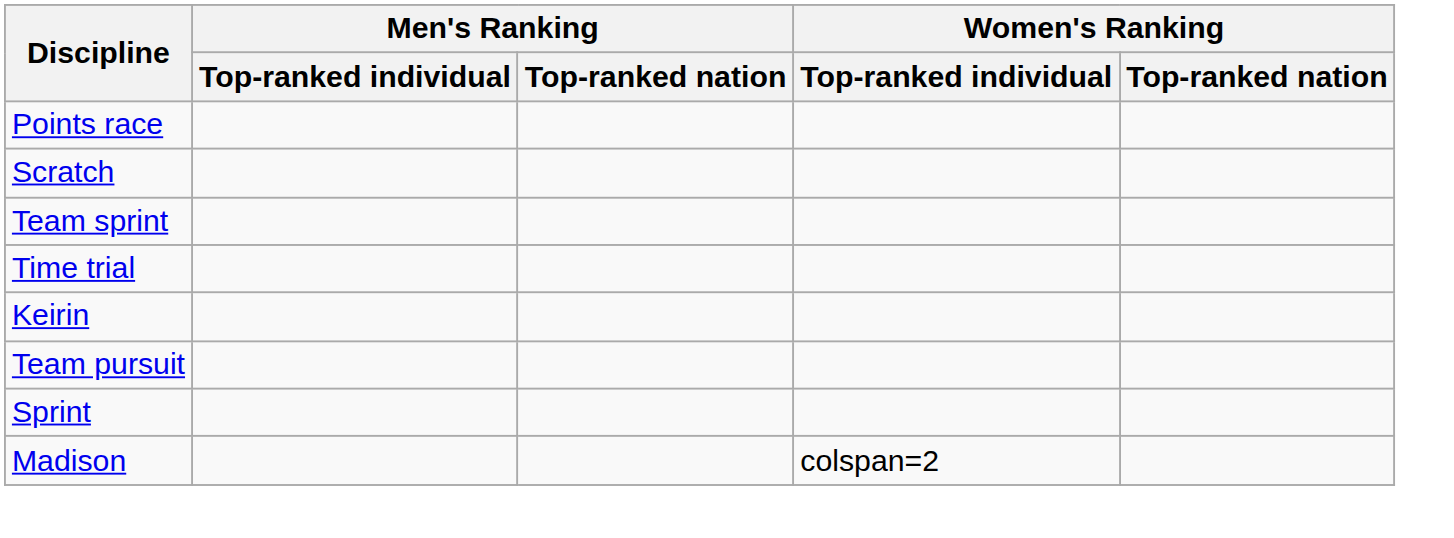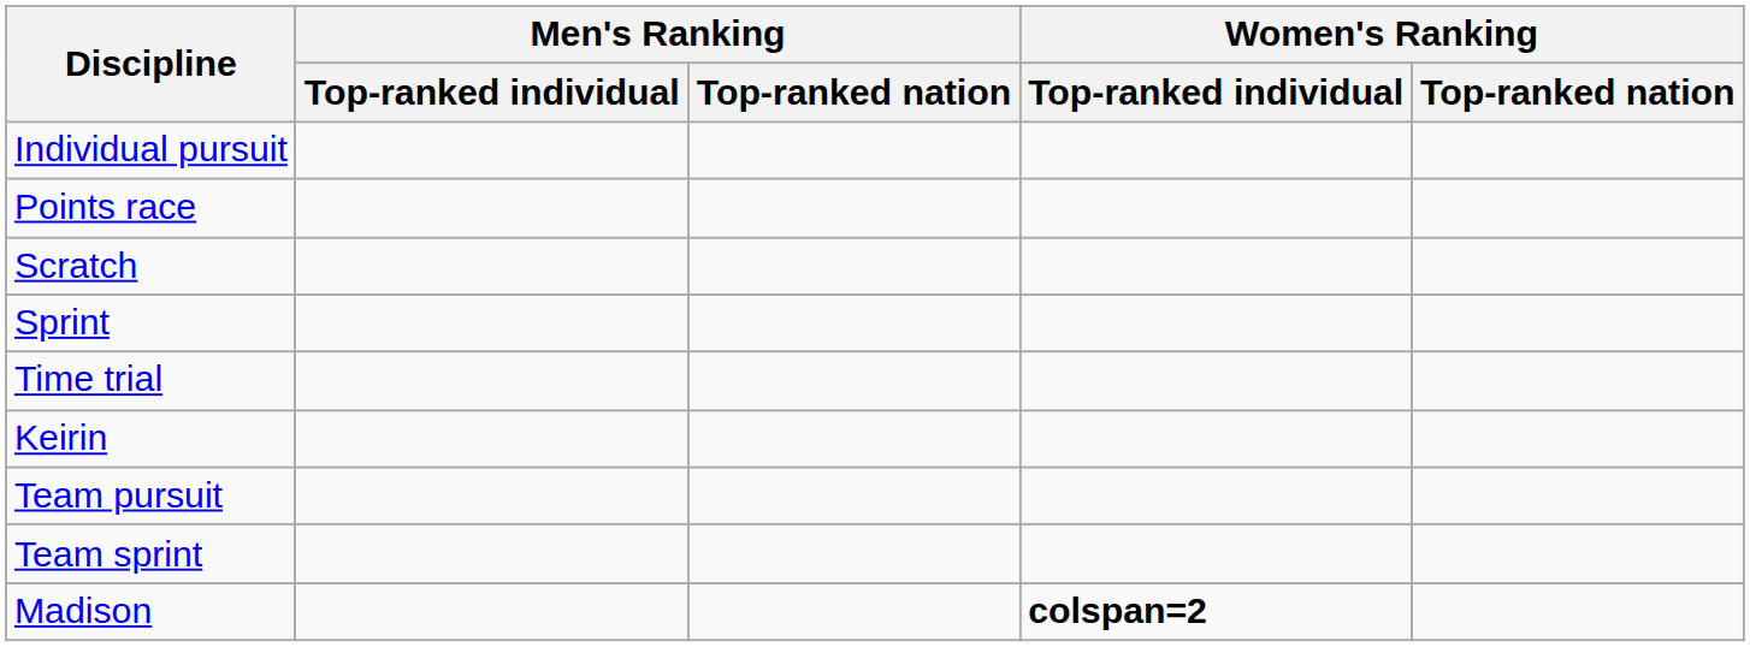 <table class="wikitable">
 <tr>
 <th rowspan=2>Discipline</th>
 <th colspan=2>Men's Ranking</th>
 <th colspan=2>Women's Ranking</th>
 </tr>
 <tr>
 <th>Top-ranked individual</th>
 <th>Top-ranked nation</th>
 <th>Top-ranked individual</th>
 <th>Top-ranked nation</th>
+</tr>
+<tr>
+<td><a href='#'>Individual pursuit</a></td>
+<td></td>
+<td></td>
+<td></td>
+<td></td>
 </tr>
 <tr>
 <td><a href='#'>Points race</a></td>
 <td></td>
 <td></td>
 <td></td>
 <td></td>
 </tr>
 <tr>
 <td><a href='#'>Scratch</a></td>
 <td></td>
 <td></td>
 <td></td>
 <td></td>
 </tr>
 <tr>
-<td><a href='#'>Team sprint</a></td>
+<td><a href='#'>Sprint</a></td>
 <td></td>
 <td></td>
 <td></td>
 <td></td>
 </tr>
 <tr>
 <td><a href='#'>Time trial</a></td>
 <td></td>
 <td></td>
 <td></td>
 <td></td>
 </tr>
 <tr>
 <td><a href='#'>Keirin</a></td>
 <td></td>
 <td></td>
 <td></td>
 <td></td>
 </tr>
 <tr>
 <td><a href='#'>Team pursuit</a></td>
 <td></td>
 <td></td>
 <td></td>
 <td></td>
 </tr>
 <tr>
-<td><a href='#'>Sprint</a></td>
+<td><a href='#'>Team sprint</a></td>
 <td></td>
 <td></td>
 <td></td>
 <td></td>
 </tr>
 <tr>
 <td><a href='#'>Madison</a></td>
 <td></td>
 <td></td>
-<td>colspan=2 </td>
+<td><strong>colspan=2 </strong></td>
 </tr>
 </table>
